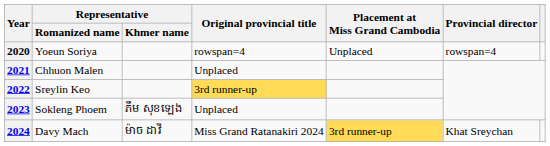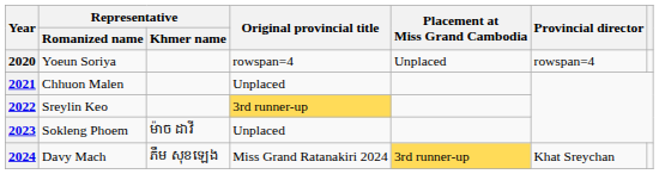 <table class="wikitable defaultcenter col2left col3left col6left" style="font-size:95%;">
 <tr>
 <th rowspan=2>Year</th>
 <th colspan=2>Representative</th>
 <th rowspan=2>Original provincial title</th>
 <th rowspan=2>Placement at<br>Miss Grand Cambodia</th>
 <th rowspan=2>Provincial director</th>
 <th rowspan=2></th>
 </tr>
 <tr>
 <th>Romanized name</th>
 <th>Khmer name</th>
 </tr>
 <tr>
 <th>2020</th>
 <td>Yoeun Soriya</td>
 <td></td>
 <td>rowspan=4 </td>
 <td>Unplaced</td>
 <td>rowspan=4 </td>
 <td></td>
 </tr>
 <tr>
 <th><a href='#'>2021</a></th>
 <td>Chhuon Malen</td>
 <td></td>
 <td>Unplaced</td>
 <td></td>
 </tr>
 <tr>
 <th><a href='#'>2022</a></th>
 <td>Sreylin Keo</td>
 <td></td>
 <td bgcolor=#FFDB58>3rd runner-up</td>
 <td></td>
 </tr>
 <tr>
 <th><a href='#'>2023</a></th>
 <td>Sokleng Phoem</td>
-<td>ភឹម សុខឡេង</td>
+<td>ម៉ាច ដាវី</td>
 <td>Unplaced</td>
 <td></td>
 </tr>
 <tr>
 <th><a href='#'>2024</a></th>
 <td>Davy Mach</td>
-<td>ម៉ាច ដាវី</td>
+<td>ភឹម សុខឡេង</td>
 <td>Miss Grand Ratanakiri 2024</td>
 <td bgcolor=#FFDB58>3rd runner-up</td>
 <td>Khat Sreychan</td>
 <td></td>
 </tr>
 </table>
